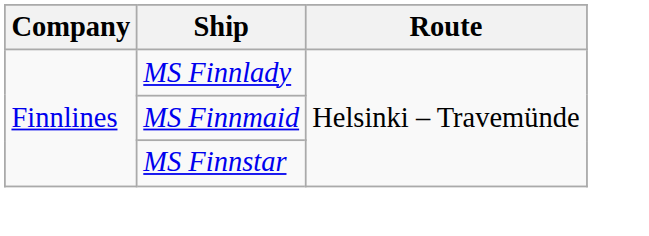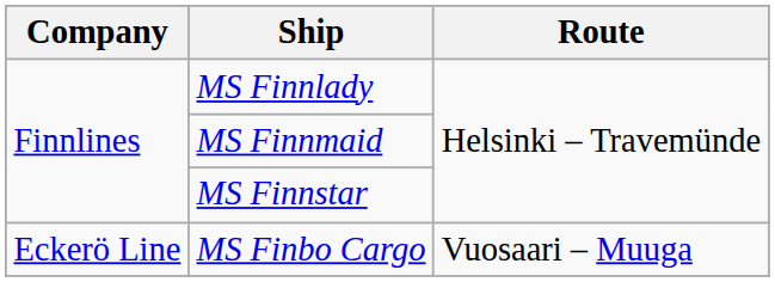 <table class="wikitable">
 <tr>
 <th>Company</th>
 <th>Ship</th>
 <th>Route</th>
 </tr>
 <tr>
 <td rowspan="3"> <a href='#'>Finnlines</a></td>
 <td rowspan="1"><em><a href='#'>MS Finnlady</a></em></td>
 <td rowspan="3">Helsinki – Travemünde</td>
 </tr>
 <tr>
 <td rowspan="1"><em><a href='#'>MS Finnmaid</a></em></td>
 </tr>
 <tr>
 <td rowspan="1"><em><a href='#'>MS Finnstar</a></em></td>
 </tr>
+<tr>
+<td rowspan="1"> <a href='#'>Eckerö Line</a></td>
+<td rowspan="1"><em><a href='#'>MS Finbo Cargo</a></em></td>
+<td rowspan="1">Vuosaari – <a href='#'>Muuga</a></td>
+</tr>
 </table>
